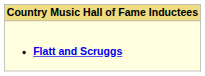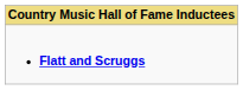 <table class="wikitable">
 <tr>
 <th style="background:#EEDD82; width=50%">Country Music Hall of Fame Inductees</th>
 </tr>
 <tr>
-<td valign="top" style="background: lightyellow;"><br><ul><li><strong><a href='#'>Flatt and Scruggs</a></strong></li></ul></td>
+<td valign="top"><br><ul><li><strong><a href='#'>Flatt and Scruggs</a></strong></li></ul></td>
 </tr>
 </table>
